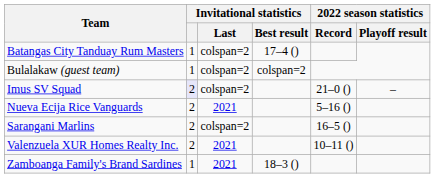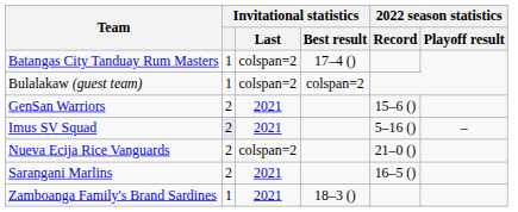 <table class="wikitable sortable" style="text-align:center">
 <tr>
 <th rowspan=2>Team</th>
 <th colspan=3>Invitational statistics</th>
 <th colspan=2>2022 season statistics</th>
 </tr>
 <tr>
 <th></th>
 <th>Last</th>
 <th>Best result</th>
 <th>Record</th>
 <th>Playoff result</th>
 </tr>
 <tr>
 <td align=left><a href='#'>Batangas City Tanduay Rum Masters</a></td>
 <td>1</td>
 <td>colspan=2 </td>
 <td>17–4 ()</td>
 <td></td>
 </tr>
 <tr>
 <td align=left>Bulalakaw <em>(guest team)</em></td>
 <td>1</td>
 <td>colspan=2 </td>
 <td>colspan=2 </td>
 </tr>
 <tr>
+<td align=left><a href='#'>GenSan Warriors</a></td>
+<td>2</td>
+<td><a href='#'>2021</a></td>
+<td></td>
+<td>15–6 ()</td>
+<td></td>
+</tr>
+<tr>
 <td align=left><a href='#'>Imus SV Squad</a></td>
 <td style="background: lavender;">2</td>
-<td>colspan=2 </td>
+<td><a href='#'>2021</a></td>
 <td></td>
-<td>21–0 ()</td>
+<td>5–16 ()</td>
 <td>–</td>
 </tr>
 <tr>
 <td align=left><a href='#'>Nueva Ecija Rice Vanguards</a></td>
 <td>2</td>
-<td><a href='#'>2021</a></td>
+<td>colspan=2 </td>
 <td></td>
-<td>5–16 ()</td>
+<td>21–0 ()</td>
 <td></td>
 </tr>
 <tr>
 <td align=left><a href='#'>Sarangani Marlins</a></td>
 <td>2</td>
-<td>colspan=2 </td>
+<td><a href='#'>2021</a></td>
 <td></td>
 <td>16–5 ()</td>
-<td></td>
-</tr>
-<tr>
-<td align=left><a href='#'>Valenzuela XUR Homes Realty Inc.</a></td>
-<td>2</td>
-<td><a href='#'>2021</a></td>
-<td></td>
-<td>10–11 ()</td>
 <td></td>
 </tr>
 <tr>
 <td align=left><a href='#'>Zamboanga Family's Brand Sardines</a></td>
 <td>1</td>
 <td><a href='#'>2021</a></td>
 <td>18–3 ()</td>
 <td></td>
 </tr>
 </table>
